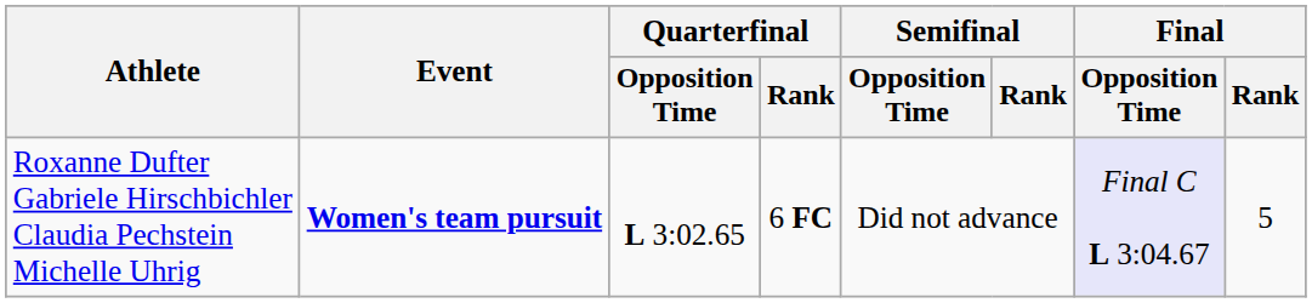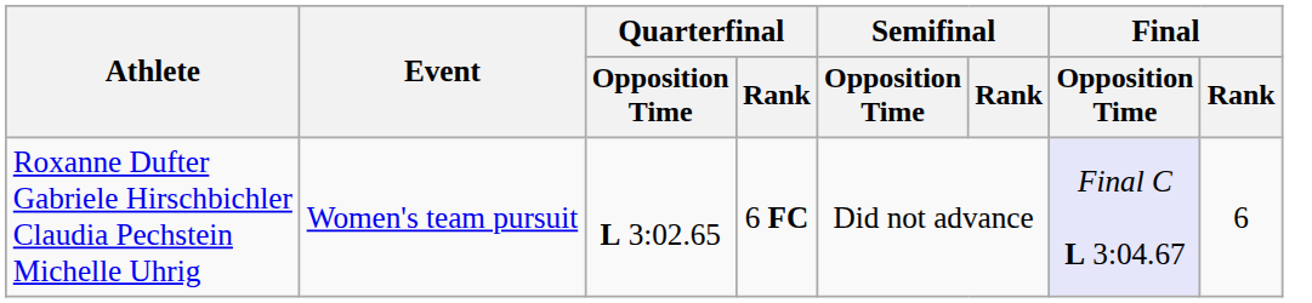 <table class="wikitable" style="font-size:90%">
 <tr>
 <th rowspan="2">Athlete</th>
 <th rowspan="2">Event</th>
 <th colspan=2>Quarterfinal</th>
 <th colspan=2>Semifinal</th>
 <th colspan="2">Final</th>
 </tr>
 <tr style="font-size:95%">
 <th>Opposition<br>Time</th>
 <th>Rank</th>
 <th>Opposition<br>Time</th>
 <th>Rank</th>
 <th>Opposition<br>Time</th>
 <th>Rank</th>
 </tr>
 <tr align=center>
 <td align=left><a href='#'>Roxanne Dufter</a><br><a href='#'>Gabriele Hirschbichler</a><br><a href='#'>Claudia Pechstein</a><br><a href='#'>Michelle Uhrig</a></td>
-<td align=left><strong><a href='#'>Women's team pursuit</a></strong></td>
+<td align=left><a href='#'>Women's team pursuit</a></td>
 <td><br><strong>L</strong> 3:02.65</td>
 <td>6 <strong>FC</strong></td>
 <td colspan=2>Did not advance</td>
 <td style="background: lavender;"><em>Final C</em><br><br><strong>L</strong> 3:04.67</td>
-<td>5</td>
+<td>6</td>
 </tr>
 </table>
